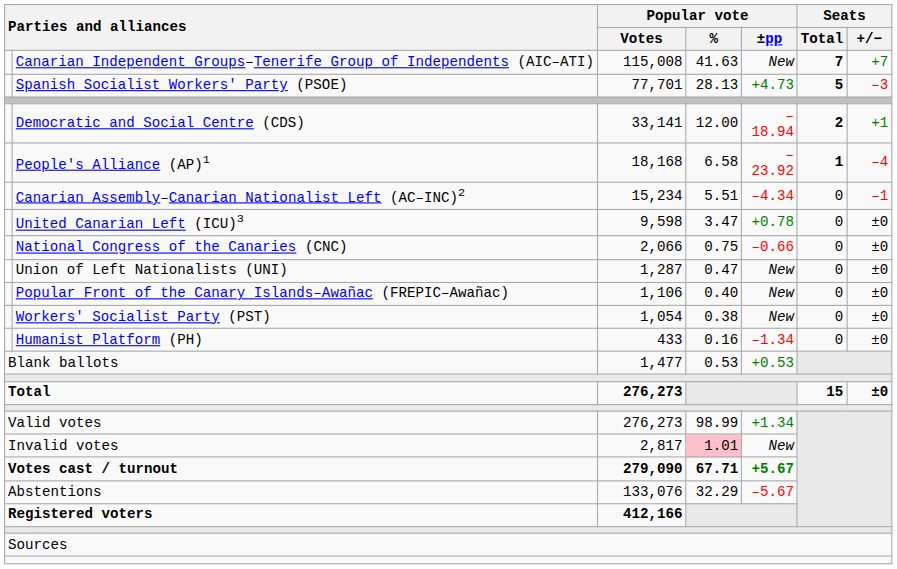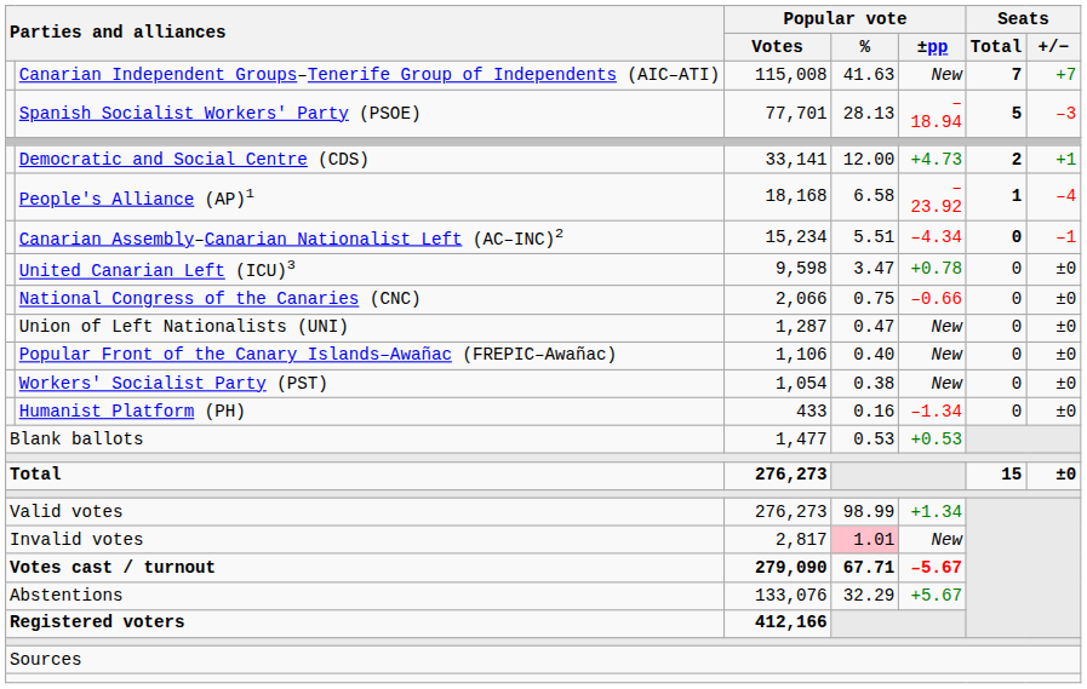 <table class="wikitable" style="text-align:right;">
 <tr>
 <th style="text-align:left;" rowspan="2" colspan="2" width="525">Parties and alliances</th>
 <th colspan="3">Popular vote</th>
 <th colspan="2">Seats</th>
 </tr>
 <tr>
 <th width="75">Votes</th>
 <th width="45">%</th>
 <th width="45">±<a href='#'>pp</a></th>
 <th width="35">Total</th>
 <th width="35">+/−</th>
 </tr>
 <tr>
 <td width="1" style="color:inherit;background:"></td>
 <td align="left"><a href='#'>Canarian Independent Groups</a>–<a href='#'>Tenerife Group of Independents</a> (AIC–ATI)</td>
 <td>115,008</td>
 <td>41.63</td>
 <td><em>New</em></td>
 <td><strong>7</strong></td>
 <td style="color:green;">+7</td>
 </tr>
 <tr>
 <td style="color:inherit;background:"></td>
 <td align="left"><a href='#'>Spanish Socialist Workers' Party</a> (PSOE)</td>
 <td>77,701</td>
 <td>28.13</td>
-<td style="color:green;">+4.73</td>
+<td style="color:red;">–18.94</td>
 <td><strong>5</strong></td>
 <td style="color:red;">–3</td>
 </tr>
 <tr>
 <td colspan="7" bgcolor="#C0C0C0"></td>
 </tr>
 <tr>
 <td style="color:inherit;background:"></td>
 <td align="left"><a href='#'>Democratic and Social Centre</a> (CDS)</td>
 <td>33,141</td>
 <td>12.00</td>
-<td style="color:red;">–18.94</td>
+<td style="color:green;">+4.73</td>
 <td><strong>2</strong></td>
 <td style="color:green;">+1</td>
 </tr>
 <tr>
 <td style="color:inherit;background:"></td>
 <td align="left"><a href='#'>People's Alliance</a> (AP)<sup>1</sup></td>
 <td>18,168</td>
 <td>6.58</td>
 <td style="color:red;">–23.92</td>
 <td><strong>1</strong></td>
 <td style="color:red;">–4</td>
 </tr>
 <tr>
 <td style="color:inherit;background:"></td>
 <td align="left"><a href='#'>Canarian Assembly</a>–<a href='#'>Canarian Nationalist Left</a> (AC–INC)<sup>2</sup></td>
 <td>15,234</td>
 <td>5.51</td>
 <td style="color:red;">–4.34</td>
-<td>0</td>
+<td><strong>0</strong></td>
 <td style="color:red;">–1</td>
 </tr>
 <tr>
 <td style="color:inherit;background:"></td>
 <td align="left"><a href='#'>United Canarian Left</a> (ICU)<sup>3</sup></td>
 <td>9,598</td>
 <td>3.47</td>
 <td style="color:green;">+0.78</td>
 <td>0</td>
 <td>±0</td>
 </tr>
 <tr>
 <td style="color:inherit;background:"></td>
 <td align="left"><a href='#'>National Congress of the Canaries</a> (CNC)</td>
 <td>2,066</td>
 <td>0.75</td>
 <td style="color:red;">–0.66</td>
 <td>0</td>
 <td>±0</td>
 </tr>
 <tr>
 <td bgcolor="white"></td>
 <td align="left">Union of Left Nationalists (UNI)</td>
 <td>1,287</td>
 <td>0.47</td>
 <td><em>New</em></td>
 <td>0</td>
 <td>±0</td>
 </tr>
 <tr>
 <td style="color:inherit;background:"></td>
 <td align="left"><a href='#'>Popular Front of the Canary Islands–Awañac</a> (FREPIC–Awañac)</td>
 <td>1,106</td>
 <td>0.40</td>
 <td><em>New</em></td>
 <td>0</td>
 <td>±0</td>
 </tr>
 <tr>
 <td style="color:inherit;background:"></td>
 <td align="left"><a href='#'>Workers' Socialist Party</a> (PST)</td>
 <td>1,054</td>
 <td>0.38</td>
 <td><em>New</em></td>
 <td>0</td>
 <td>±0</td>
 </tr>
 <tr>
 <td style="color:inherit;background:"></td>
 <td align="left"><a href='#'>Humanist Platform</a> (PH)</td>
 <td>433</td>
 <td>0.16</td>
 <td style="color:red;">–1.34</td>
 <td>0</td>
 <td>±0</td>
 </tr>
 <tr>
 <td align="left" colspan="2">Blank ballots</td>
 <td>1,477</td>
 <td>0.53</td>
 <td style="color:green;">+0.53</td>
 <td bgcolor="#E9E9E9" colspan="2"></td>
 </tr>
 <tr>
 <td colspan="7" bgcolor="#E9E9E9"></td>
 </tr>
 <tr style="font-weight:bold;">
 <td align="left" colspan="2">Total</td>
 <td>276,273</td>
 <td bgcolor="#E9E9E9" colspan="2"></td>
 <td>15</td>
 <td>±0</td>
 </tr>
 <tr>
 <td colspan="7" bgcolor="#E9E9E9"></td>
 </tr>
 <tr>
 <td align="left" colspan="2">Valid votes</td>
 <td>276,273</td>
 <td>98.99</td>
 <td style="color:green;">+1.34</td>
 <td bgcolor="#E9E9E9" colspan="2" rowspan="5"></td>
 </tr>
 <tr>
 <td align="left" colspan="2">Invalid votes</td>
 <td>2,817</td>
 <td style="background: pink;">1.01</td>
 <td><em>New</em></td>
 </tr>
 <tr style="font-weight:bold;">
 <td align="left" colspan="2">Votes cast / turnout</td>
 <td>279,090</td>
 <td>67.71</td>
-<td style="color:green;">+5.67</td>
+<td style="color:red;">–5.67</td>
 </tr>
 <tr>
 <td align="left" colspan="2">Abstentions</td>
 <td>133,076</td>
 <td>32.29</td>
-<td style="color:red;">–5.67</td>
+<td style="color:green;">+5.67</td>
 </tr>
 <tr style="font-weight:bold;">
 <td align="left" colspan="2">Registered voters</td>
 <td>412,166</td>
 <td bgcolor="#E9E9E9" colspan="2"></td>
 </tr>
 <tr>
 <td colspan="7" bgcolor="#E9E9E9"></td>
 </tr>
 <tr>
 <td align="left" colspan="7">Sources</td>
 </tr>
 <tr>
 <td colspan="7" style="text-align:left; max-width:790px;"></td>
 </tr>
 </table>
